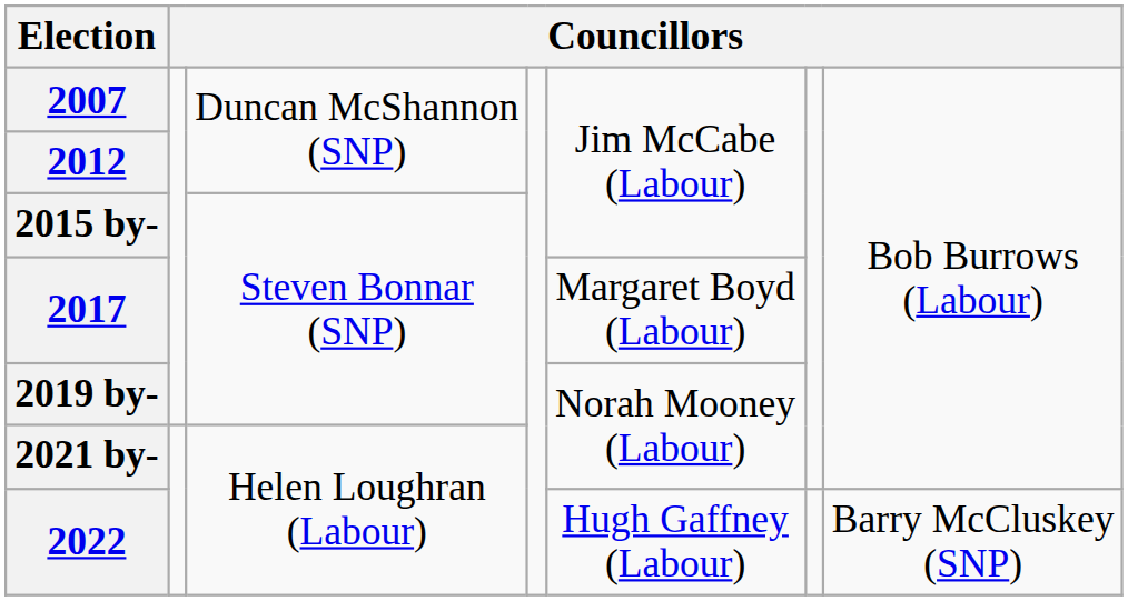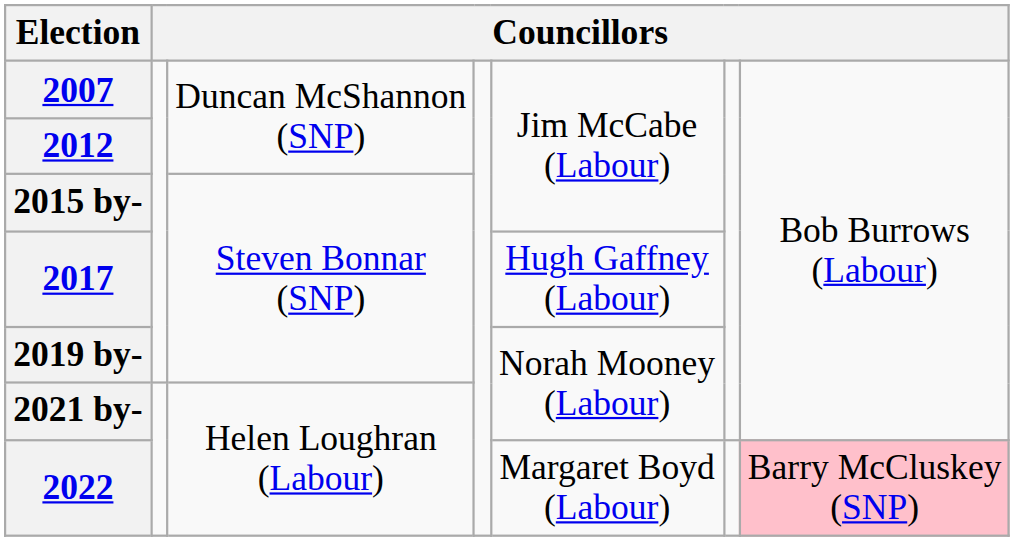 <table class="wikitable" style="text-align:center">
 <tr>
 <th>Election</th>
 <th colspan="6">Councillors</th>
 </tr>
 <tr>
 <th><a href='#'>2007</a></th>
 <td rowspan="5" style="background-color: "></td>
 <td rowspan="2">Duncan McShannon<br>(<a href='#'>SNP</a>)</td>
 <td rowspan="7" style="background-color: "></td>
 <td rowspan="3">Jim McCabe<br>(<a href='#'>Labour</a>)</td>
 <td rowspan="6" style="background-color: "></td>
 <td rowspan="6">Bob Burrows<br>(<a href='#'>Labour</a>)</td>
 </tr>
 <tr>
 <th><a href='#'>2012</a></th>
 </tr>
 <tr>
 <th>2015 by-</th>
 <td rowspan="3"><a href='#'>Steven Bonnar</a><br>(<a href='#'>SNP</a>)</td>
 </tr>
 <tr>
 <th><a href='#'>2017</a></th>
-<td>Margaret Boyd<br>(<a href='#'>Labour</a>)</td>
+<td><a href='#'>Hugh Gaffney</a><br>(<a href='#'>Labour</a>)</td>
 </tr>
 <tr>
 <th>2019 by-</th>
 <td rowspan="2">Norah Mooney<br>(<a href='#'>Labour</a>)</td>
 </tr>
 <tr>
 <th>2021 by-</th>
 <td rowspan="2" style="background-color: "></td>
 <td rowspan="2">Helen Loughran<br>(<a href='#'>Labour</a>)</td>
 </tr>
 <tr>
 <th><a href='#'>2022</a></th>
-<td><a href='#'>Hugh Gaffney</a><br>(<a href='#'>Labour</a>)</td>
+<td>Margaret Boyd<br>(<a href='#'>Labour</a>)</td>
 <td style="background-color: "></td>
-<td>Barry McCluskey<br>(<a href='#'>SNP</a>)</td>
+<td style="background: pink;">Barry McCluskey<br>(<a href='#'>SNP</a>)</td>
 </tr>
 </table>
